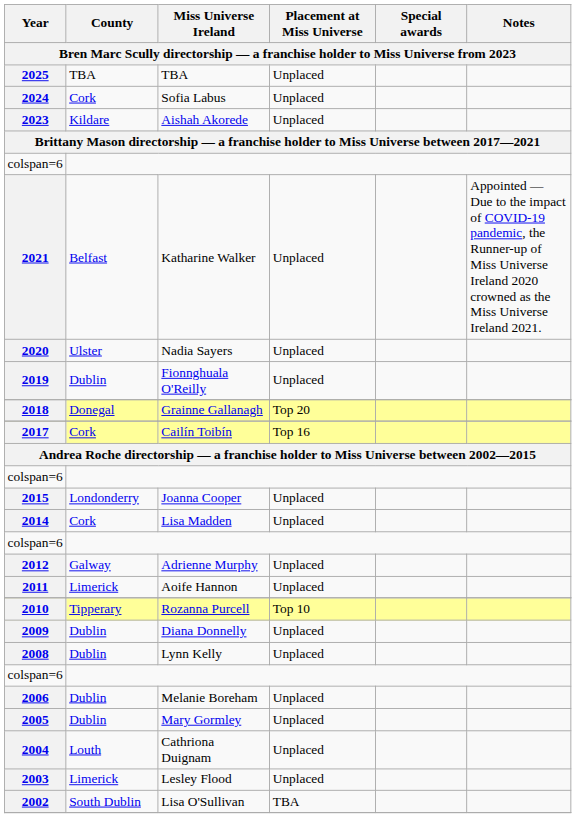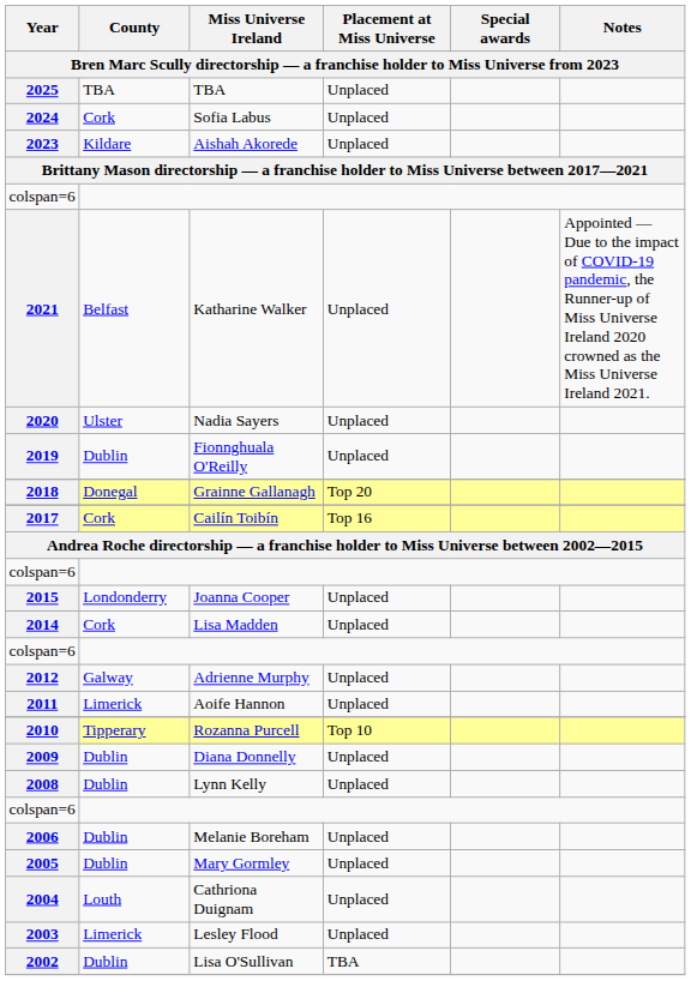 <table class="wikitable " style="font-size: 90%;">
 <tr>
 <th width="60">Year</th>
 <th width="150">County</th>
 <th width="250">Miss Universe Ireland</th>
 <th width="250">Placement at Miss Universe</th>
 <th width="250">Special awards</th>
 <th width="250">Notes</th>
 </tr>
 <tr>
 <th colspan="6">Bren Marc Scully directorship — a franchise holder to Miss Universe from 2023</th>
 </tr>
 <tr>
 <th><a href='#'>2025</a></th>
 <td>TBA</td>
 <td>TBA</td>
 <td>Unplaced</td>
 <td></td>
 <td></td>
 </tr>
 <tr>
 <th><a href='#'>2024</a></th>
 <td><a href='#'>Cork</a></td>
 <td>Sofia Labus</td>
 <td>Unplaced</td>
 <td></td>
 <td></td>
 </tr>
 <tr>
 <th><a href='#'>2023</a></th>
 <td><a href='#'>Kildare</a></td>
 <td><a href='#'>Aishah Akorede</a></td>
 <td>Unplaced</td>
 <td></td>
 <td></td>
 </tr>
 <tr>
 <th colspan="6">Brittany Mason directorship — a franchise holder to Miss Universe between 2017―2021</th>
 </tr>
 <tr>
 <td>colspan=6 </td>
 </tr>
 <tr>
 <th><a href='#'>2021</a></th>
 <td><a href='#'>Belfast</a></td>
 <td>Katharine Walker</td>
 <td>Unplaced</td>
 <td></td>
 <td>Appointed — Due to the impact of <a href='#'>COVID-19 pandemic</a>, the  Runner-up of Miss Universe Ireland 2020 crowned as the Miss Universe Ireland 2021.</td>
 </tr>
 <tr>
 <th><a href='#'>2020</a></th>
 <td><a href='#'>Ulster</a></td>
 <td>Nadia Sayers</td>
 <td>Unplaced</td>
 <td></td>
 <td></td>
 </tr>
 <tr>
 <th><a href='#'>2019</a></th>
 <td><a href='#'>Dublin</a></td>
 <td><a href='#'>Fionnghuala O'Reilly</a></td>
 <td>Unplaced</td>
 <td></td>
 <td></td>
 </tr>
 <tr>
 </tr>
 <tr style="background-color:#FFFF99;">
 <th><a href='#'>2018</a></th>
 <td><a href='#'>Donegal</a></td>
 <td><a href='#'>Grainne Gallanagh</a></td>
 <td>Top 20</td>
 <td></td>
 <td></td>
 </tr>
 <tr>
 </tr>
 <tr style="background-color:#FFFF99;">
 <th><a href='#'>2017</a></th>
 <td><a href='#'>Cork</a></td>
 <td><a href='#'>Cailín Toibín</a></td>
 <td>Top 16</td>
 <td></td>
 <td></td>
 </tr>
 <tr>
 <th colspan="6">Andrea Roche directorship — a franchise holder to Miss Universe between 2002―2015</th>
 </tr>
 <tr>
 <td>colspan=6 </td>
 </tr>
 <tr>
 <th><a href='#'>2015</a></th>
 <td><a href='#'>Londonderry</a></td>
 <td><a href='#'>Joanna Cooper</a></td>
 <td>Unplaced</td>
 <td></td>
 <td></td>
 </tr>
 <tr>
 <th><a href='#'>2014</a></th>
 <td><a href='#'>Cork</a></td>
 <td><a href='#'>Lisa Madden</a></td>
 <td>Unplaced</td>
 <td></td>
 <td></td>
 </tr>
 <tr>
 <td>colspan=6 </td>
 </tr>
 <tr>
 <th><a href='#'>2012</a></th>
 <td><a href='#'>Galway</a></td>
 <td><a href='#'>Adrienne Murphy</a></td>
 <td>Unplaced</td>
 <td></td>
 <td></td>
 </tr>
 <tr>
 <th><a href='#'>2011</a></th>
 <td><a href='#'>Limerick</a></td>
 <td>Aoife Hannon</td>
 <td>Unplaced</td>
 <td></td>
 <td></td>
 </tr>
 <tr>
 </tr>
 <tr style="background-color:#FFFF99;">
 <th><a href='#'>2010</a></th>
 <td><a href='#'>Tipperary</a></td>
 <td><a href='#'>Rozanna Purcell</a></td>
 <td>Top 10</td>
 <td></td>
 <td></td>
 </tr>
 <tr>
 <th><a href='#'>2009</a></th>
 <td><a href='#'>Dublin</a></td>
 <td><a href='#'>Diana Donnelly</a></td>
 <td>Unplaced</td>
 <td></td>
 <td></td>
 </tr>
 <tr>
 <th><a href='#'>2008</a></th>
 <td><a href='#'>Dublin</a></td>
 <td>Lynn Kelly</td>
 <td>Unplaced</td>
 <td></td>
 <td></td>
 </tr>
 <tr>
 <td>colspan=6 </td>
 </tr>
 <tr>
 <th><a href='#'>2006</a></th>
 <td><a href='#'>Dublin</a></td>
 <td>Melanie Boreham</td>
 <td>Unplaced</td>
 <td></td>
 <td></td>
 </tr>
 <tr>
 <th><a href='#'>2005</a></th>
 <td><a href='#'>Dublin</a></td>
 <td><a href='#'>Mary Gormley</a></td>
 <td>Unplaced</td>
 <td></td>
 <td></td>
 </tr>
 <tr>
 <th><a href='#'>2004</a></th>
 <td><a href='#'>Louth</a></td>
 <td>Cathriona Duignam</td>
 <td>Unplaced</td>
 <td></td>
 <td></td>
 </tr>
 <tr>
 <th><a href='#'>2003</a></th>
 <td><a href='#'>Limerick</a></td>
 <td>Lesley Flood</td>
 <td>Unplaced</td>
 <td></td>
 <td></td>
 </tr>
 <tr>
 <th><a href='#'>2002</a></th>
-<td><a href='#'>South Dublin</a></td>
+<td><a href='#'>Dublin</a></td>
 <td>Lisa O'Sullivan</td>
 <td>TBA</td>
 <td></td>
 <td></td>
 </tr>
 <tr>
 </tr>
 </table>
